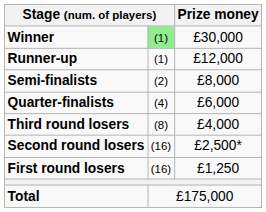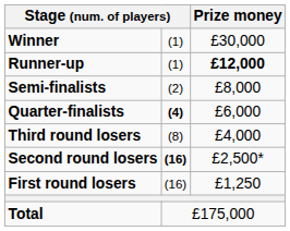 <table class="wikitable">
 <tr>
 <th colspan="2">Stage <small>(num. of players)</small></th>
 <th>Prize money</th>
 </tr>
 <tr>
 <td><strong>Winner</strong></td>
-<td align="center" style="background: lightgreen;"><small>(1)</small></td>
+<td align="center"><small>(1)</small></td>
 <td align="center">£30,000</td>
 </tr>
 <tr>
 <td><strong>Runner-up</strong></td>
 <td align="center"><small>(1)</small></td>
-<td align="center">£12,000</td>
+<td align="center"><strong>£12,000</strong></td>
 </tr>
 <tr>
 <td><strong>Semi-finalists</strong></td>
 <td align="center"><small>(2)</small></td>
 <td align="center">£8,000</td>
 </tr>
 <tr>
 <td><strong>Quarter-finalists</strong></td>
-<td align="center"><small>(4)</small></td>
+<td align="center"><strong><small>(4)</small></strong></td>
 <td align="center">£6,000</td>
 </tr>
 <tr>
 <td><strong>Third round losers</strong></td>
 <td align="center"><small>(8)</small></td>
 <td align="center">£4,000</td>
 </tr>
 <tr>
 <td><strong>Second round losers</strong></td>
-<td align="center"><small>(16)</small></td>
+<td align="center"><strong><small>(16)</small></strong></td>
 <td align="center">£2,500*</td>
 </tr>
 <tr>
 <td><strong>First round losers</strong></td>
 <td align="center"><small>(16)</small></td>
 <td align="center">£1,250</td>
 </tr>
 <tr>
 <th colspan="3"></th>
 </tr>
 <tr>
 <td><strong>Total</strong></td>
 <td colspan="2" align="center">£175,000</td>
 </tr>
 </table>
